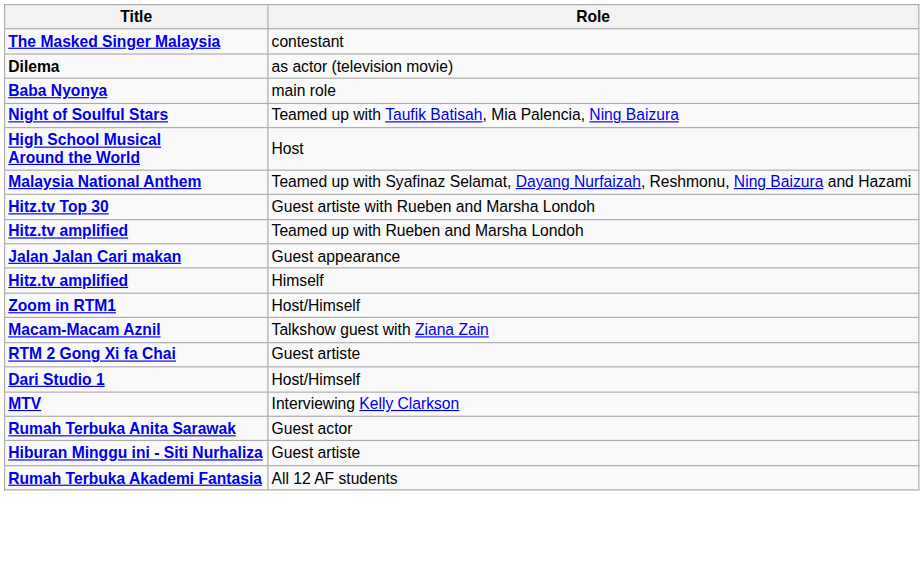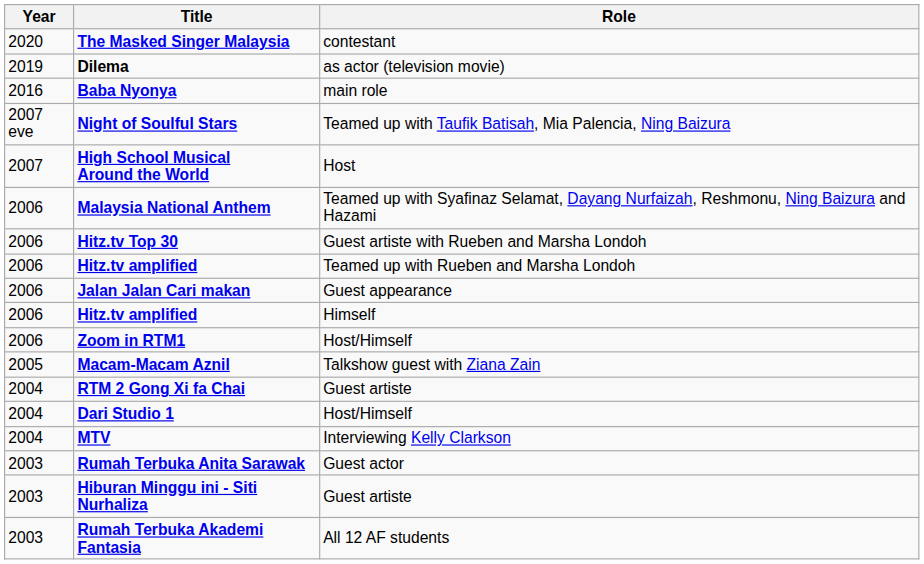 <table class="wikitable" style="font-size: 85%;" width=90%>
 <tr>
+<th>Year</th>
 <th>Title</th>
 <th>Role</th>
 </tr>
 <tr>
+<td>2020</td>
 <td><strong><a href='#'>The Masked Singer Malaysia</a></strong></td>
 <td>contestant</td>
 </tr>
 <tr>
+<td>2019</td>
 <td><strong>Dilema</strong></td>
 <td>as actor (television movie)</td>
 </tr>
 <tr>
+<td>2016</td>
 <td><strong><a href='#'>Baba Nyonya</a></strong></td>
 <td>main role</td>
 </tr>
 <tr>
+<td>2007 eve</td>
 <td><strong><a href='#'>Night of Soulful Stars</a></strong></td>
 <td>Teamed up with <a href='#'>Taufik Batisah</a>, Mia Palencia, <a href='#'>Ning Baizura</a></td>
 </tr>
 <tr>
+<td>2007</td>
 <td><strong><a href='#'>High School Musical <br> Around the World</a></strong></td>
 <td>Host</td>
 </tr>
 <tr>
+<td>2006</td>
 <td><strong><a href='#'>Malaysia National Anthem</a></strong></td>
 <td>Teamed up with Syafinaz Selamat, <a href='#'>Dayang Nurfaizah</a>, Reshmonu, <a href='#'>Ning Baizura</a> and Hazami</td>
 </tr>
 <tr>
+<td>2006</td>
 <td><strong><a href='#'>Hitz.tv Top 30</a></strong></td>
 <td>Guest artiste with Rueben and Marsha Londoh</td>
 </tr>
 <tr>
+<td>2006</td>
 <td><strong><a href='#'>Hitz.tv amplified</a></strong></td>
 <td>Teamed up with Rueben and Marsha Londoh</td>
 </tr>
 <tr>
+<td>2006</td>
 <td><strong><a href='#'>Jalan Jalan Cari makan</a></strong></td>
 <td>Guest appearance</td>
 </tr>
 <tr>
+<td>2006</td>
 <td><strong><a href='#'>Hitz.tv amplified</a></strong></td>
 <td>Himself</td>
 </tr>
 <tr>
+<td>2006</td>
 <td><strong><a href='#'>Zoom in RTM1</a></strong></td>
 <td>Host/Himself</td>
 </tr>
 <tr>
+<td>2005</td>
 <td><strong><a href='#'>Macam-Macam Aznil</a></strong></td>
 <td>Talkshow guest with <a href='#'>Ziana Zain</a></td>
 </tr>
 <tr>
+<td>2004</td>
 <td><strong><a href='#'>RTM 2 Gong Xi fa Chai</a></strong></td>
 <td>Guest artiste</td>
 </tr>
 <tr>
+<td>2004</td>
 <td><strong><a href='#'>Dari Studio 1</a></strong></td>
 <td>Host/Himself</td>
 </tr>
 <tr>
+<td>2004</td>
 <td><strong><a href='#'>MTV</a></strong></td>
 <td>Interviewing <a href='#'>Kelly Clarkson</a></td>
 </tr>
 <tr>
+<td>2003</td>
 <td><strong><a href='#'>Rumah Terbuka Anita Sarawak</a></strong></td>
 <td>Guest actor</td>
 </tr>
 <tr>
+<td>2003</td>
 <td><strong><a href='#'>Hiburan Minggu ini - Siti Nurhaliza</a></strong></td>
 <td>Guest artiste</td>
 </tr>
 <tr>
+<td>2003</td>
 <td><strong><a href='#'>Rumah Terbuka Akademi Fantasia</a></strong></td>
 <td>All 12 AF students</td>
 </tr>
 </table>
